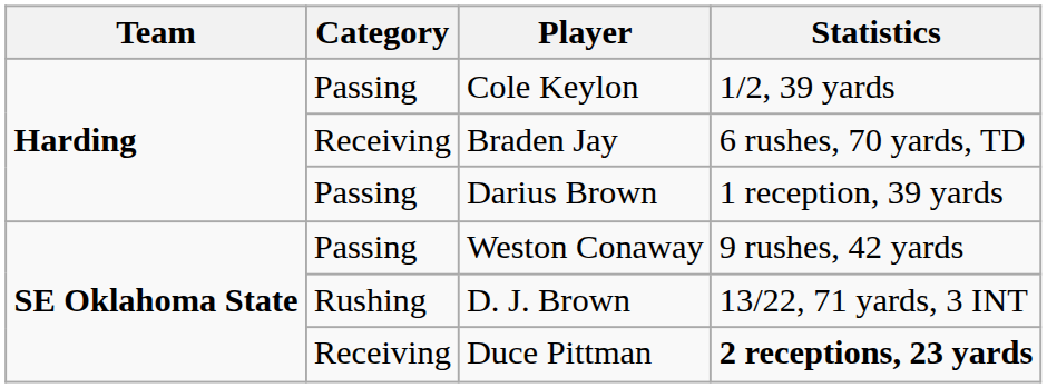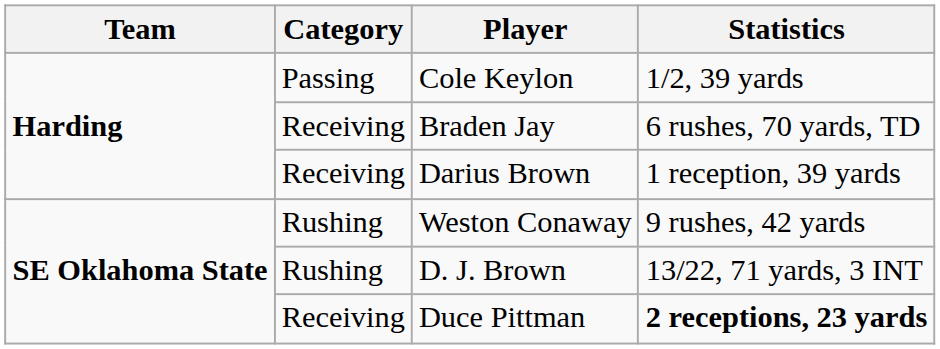 <table class="wikitable" style="float: right;">
 <tr>
 <th>Team</th>
 <th>Category</th>
 <th>Player</th>
 <th>Statistics</th>
 </tr>
 <tr>
 <td rowspan=3><strong>Harding</strong></td>
 <td>Passing</td>
 <td>Cole Keylon</td>
 <td>1/2, 39 yards</td>
 </tr>
 <tr>
 <td>Receiving</td>
 <td>Braden Jay</td>
 <td>6 rushes, 70 yards, TD</td>
 </tr>
 <tr>
-<td>Passing</td>
+<td>Receiving</td>
 <td>Darius Brown</td>
 <td>1 reception, 39 yards</td>
 </tr>
 <tr>
 <td rowspan=3><strong>SE Oklahoma State</strong></td>
-<td>Passing</td>
+<td>Rushing</td>
 <td>Weston Conaway</td>
 <td>9 rushes, 42 yards</td>
 </tr>
 <tr>
 <td>Rushing</td>
 <td>D. J. Brown</td>
 <td>13/22, 71 yards, 3 INT</td>
 </tr>
 <tr>
 <td>Receiving</td>
 <td>Duce Pittman</td>
 <td><strong>2 receptions, 23 yards</strong></td>
 </tr>
 </table>
